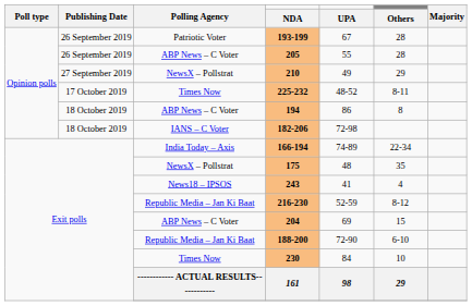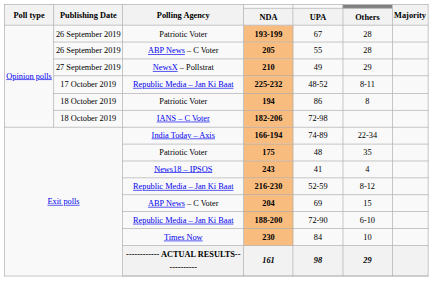 <table class="wikitable sortable" style="text-align:center;font-size:80%;line-height:20px;">
 <tr>
 <th rowspan="2">Poll type</th>
 <th class="wikitable" rowspan="2" style="width:100px;">Publishing Date</th>
 <th rowspan="2" class="wikitable" style="width:180px;">Polling Agency</th>
 <td style="color:inherit;background:"></td>
 <td style="color:inherit;background:"></td>
 <td style="background:gray;"></td>
 <th rowspan="2" class="wikitable">Majority</th>
 </tr>
 <tr>
 <th class="wikitable" style="width:70px;">NDA</th>
 <th class="wikitable" style="width:70px;">UPA</th>
 <th class="wikitable" style="width:70px;">Others</th>
 </tr>
 <tr>
 <td rowspan="6"><a href='#'>Opinion polls</a></td>
 <td>26 September 2019</td>
 <td>Patriotic Voter </td>
 <td style="background:#F9BC7F"><strong>193-199</strong></td>
 <td>67</td>
 <td>28</td>
 <td style="background:"></td>
 </tr>
 <tr>
 <td>26 September 2019</td>
 <td><a href='#'>ABP News</a> – C Voter</td>
 <td style="background:#F9BC7F"><strong>205</strong></td>
 <td>55</td>
 <td>28</td>
 <td style="background:"></td>
 </tr>
 <tr>
 <td>27 September 2019</td>
 <td><a href='#'>NewsX</a> – Pollstrat</td>
 <td style="background:#F9BC7F"><strong>210</strong></td>
 <td>49</td>
 <td>29</td>
 <td style="background:"></td>
 </tr>
 <tr>
 <td>17 October 2019</td>
-<td><a href='#'>Times Now</a></td>
+<td><a href='#'>Republic Media – Jan Ki Baat</a></td>
 <td style="background:#F9BC7F"><strong>225-232</strong></td>
 <td>48-52</td>
 <td>8-11</td>
 <td style="background:"></td>
 </tr>
 <tr>
 <td>18 October 2019</td>
-<td><a href='#'>ABP News</a> – C Voter</td>
+<td>Patriotic Voter </td>
 <td style="background:#F9BC7F"><strong>194</strong></td>
 <td>86</td>
 <td>8</td>
 <td style="background:"></td>
 </tr>
 <tr>
 <td>18 October 2019</td>
 <td><a href='#'>IANS – C Voter</a></td>
 <td style="background:#F9BC7F"><strong>182-206</strong></td>
 <td>72-98</td>
 <td></td>
 <td style="background:"></td>
 </tr>
 <tr>
 <td colspan="2" rowspan="15"><a href='#'>Exit polls</a></td>
 <td><a href='#'>India Today – Axis</a></td>
 <td style="background:#F9BC7F"><strong>166-194</strong></td>
 <td>74-89</td>
 <td>22-34</td>
 <td style="background:"></td>
 </tr>
 <tr>
-<td><a href='#'>NewsX</a> – Pollstrat</td>
+<td>Patriotic Voter </td>
 <td style="background:#F9BC7F"><strong>175</strong></td>
 <td>48</td>
 <td>35</td>
 <td style="background:"></td>
 </tr>
 <tr>
 <td><a href='#'>News18 – IPSOS</a></td>
 <td style="background:#F9BC7F"><strong>243</strong></td>
 <td>41</td>
 <td>4</td>
 <td style="background:"></td>
 </tr>
 <tr>
 <td><a href='#'>Republic Media – Jan Ki Baat</a></td>
 <td style="background:#F9BC7F"><strong>216-230</strong></td>
 <td>52-59</td>
 <td>8-12</td>
 <td style="background:"></td>
 </tr>
 <tr>
 <td><a href='#'>ABP News</a> – C Voter</td>
 <td style="background:#F9BC7F"><strong>204</strong></td>
 <td>69</td>
 <td>15</td>
 <td style="background:"></td>
 </tr>
 <tr>
 <td><a href='#'>Republic Media – Jan Ki Baat</a></td>
 <td style="background:#F9BC7F"><strong>188-200</strong></td>
 <td>72-90</td>
 <td>6-10</td>
 <td style="background:"></td>
 </tr>
 <tr>
 <td><a href='#'>Times Now</a></td>
 <td style="background:#F9BC7F"><strong>230</strong></td>
 <td>84</td>
 <td>10</td>
 <td style="background:"></td>
 </tr>
 <tr>
 <th>------------ ACTUAL RESULTS------------</th>
 <th><strong><em>161</em></strong></th>
 <th><strong><em>98</em></strong></th>
 <th><strong><em>29</em></strong></th>
 <th></th>
 </tr>
 <tr>
 </tr>
 </table>
